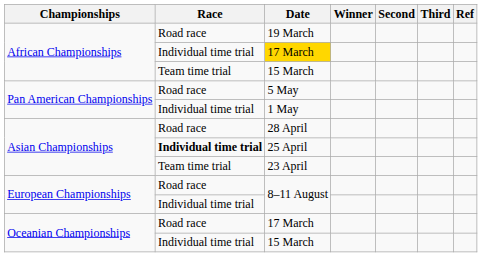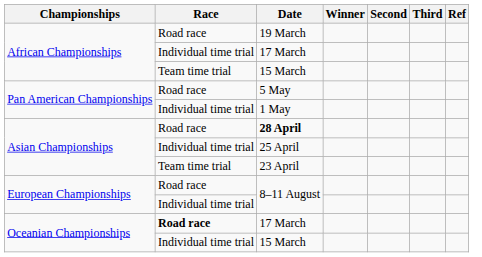 <table class="wikitable plainrowheaders">
 <tr>
 <th>Championships</th>
 <th>Race</th>
 <th>Date</th>
 <th>Winner</th>
 <th>Second</th>
 <th>Third</th>
 <th>Ref</th>
 </tr>
 <tr>
 <td rowspan=3><a href='#'>African Championships</a><br></td>
 <td>Road race</td>
 <td>19 March</td>
 <td></td>
 <td></td>
 <td></td>
 <td></td>
 </tr>
 <tr>
 <td>Individual time trial</td>
-<td style="background: gold;">17 March</td>
+<td>17 March</td>
 <td></td>
 <td></td>
 <td></td>
 <td></td>
 </tr>
 <tr>
 <td>Team time trial</td>
 <td>15 March</td>
 <td></td>
 <td></td>
 <td></td>
 <td></td>
 </tr>
 <tr>
 <td rowspan=2><a href='#'>Pan American Championships</a><br></td>
 <td>Road race</td>
 <td>5 May</td>
 <td></td>
 <td></td>
 <td></td>
 <td></td>
 </tr>
 <tr>
 <td>Individual time trial</td>
 <td>1 May</td>
 <td></td>
 <td></td>
 <td></td>
 <td></td>
 </tr>
 <tr>
 <td rowspan=3><a href='#'>Asian Championships</a><br></td>
 <td>Road race</td>
-<td>28 April</td>
+<td><strong>28 April</strong></td>
 <td></td>
 <td></td>
 <td></td>
 <td></td>
 </tr>
 <tr>
-<td><strong>Individual time trial</strong></td>
+<td>Individual time trial</td>
 <td>25 April</td>
 <td></td>
 <td></td>
 <td></td>
 <td></td>
 </tr>
 <tr>
 <td>Team time trial</td>
 <td>23 April</td>
 <td></td>
 <td></td>
 <td></td>
 <td></td>
 </tr>
 <tr>
 <td rowspan=2><a href='#'>European Championships</a><br></td>
 <td>Road race</td>
 <td rowspan=2>8–11 August</td>
 <td></td>
 <td></td>
 <td></td>
 <td></td>
 </tr>
 <tr>
 <td>Individual time trial</td>
 <td></td>
 <td></td>
 <td></td>
 <td></td>
 </tr>
 <tr>
 <td rowspan=2><a href='#'>Oceanian Championships</a><br></td>
-<td>Road race</td>
+<td><strong>Road race</strong></td>
 <td>17 March</td>
 <td></td>
 <td></td>
 <td></td>
 <td></td>
 </tr>
 <tr>
 <td>Individual time trial</td>
 <td>15 March</td>
 <td></td>
 <td></td>
 <td></td>
 <td></td>
 </tr>
 </table>
